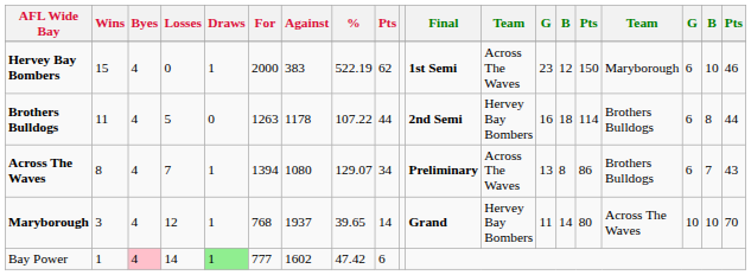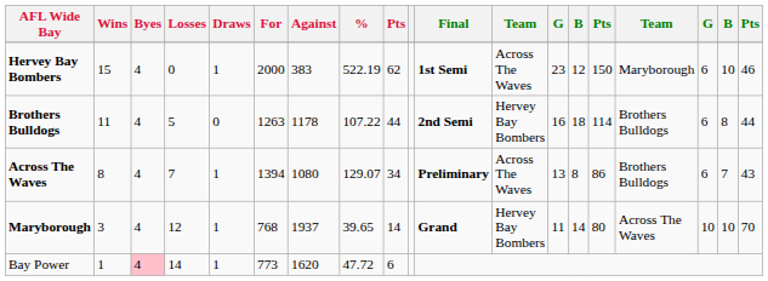 <table class="wikitable">
 <tr>
 <th style= "color:crimson">AFL Wide Bay</th>
 <th style= "color:crimson">Wins</th>
 <th style= "color:crimson">Byes</th>
 <th style= "color:crimson">Losses</th>
 <th style= "color:crimson">Draws</th>
 <th style= "color:crimson">For</th>
 <th style= "color:crimson">Against</th>
 <th style= "color:crimson">%</th>
 <th style= "color:crimson">Pts</th>
 <th></th>
 <th style="color:green">Final</th>
 <th style="color:green">Team</th>
 <th style="color:green">G</th>
 <th style="color:green">B</th>
 <th style="color:green">Pts</th>
 <th style="color:green">Team</th>
 <th style="color:green">G</th>
 <th style="color:green">B</th>
 <th style="color:green">Pts</th>
 </tr>
 <tr>
 </tr>
 <tr>
 </tr>
 <tr>
 <td><strong>Hervey Bay Bombers</strong></td>
 <td>15</td>
 <td>4</td>
 <td>0</td>
 <td>1</td>
 <td>2000</td>
 <td>383</td>
 <td>522.19</td>
 <td>62</td>
 <td></td>
 <td><strong>1st Semi</strong></td>
 <td>Across The Waves</td>
 <td>23</td>
 <td>12</td>
 <td>150</td>
 <td>Maryborough</td>
 <td>6</td>
 <td>10</td>
 <td>46</td>
 </tr>
 <tr>
 <td><strong>Brothers Bulldogs</strong></td>
 <td>11</td>
 <td>4</td>
 <td>5</td>
 <td>0</td>
 <td>1263</td>
 <td>1178</td>
 <td>107.22</td>
 <td>44</td>
 <td></td>
 <td><strong>2nd Semi</strong></td>
 <td>Hervey Bay Bombers</td>
 <td>16</td>
 <td>18</td>
 <td>114</td>
 <td>Brothers Bulldogs</td>
 <td>6</td>
 <td>8</td>
 <td>44</td>
 </tr>
 <tr>
 <td><strong>Across The Waves</strong></td>
 <td>8</td>
 <td>4</td>
 <td>7</td>
 <td>1</td>
 <td>1394</td>
 <td>1080</td>
 <td>129.07</td>
 <td>34</td>
 <td></td>
 <td><strong>Preliminary</strong></td>
 <td>Across The Waves</td>
 <td>13</td>
 <td>8</td>
 <td>86</td>
 <td>Brothers Bulldogs</td>
 <td>6</td>
 <td>7</td>
 <td>43</td>
 </tr>
 <tr>
 <td><strong>Maryborough</strong></td>
 <td>3</td>
 <td>4</td>
 <td>12</td>
 <td>1</td>
 <td>768</td>
 <td>1937</td>
 <td>39.65</td>
 <td>14</td>
 <td></td>
 <td><strong>Grand</strong></td>
 <td>Hervey Bay Bombers</td>
 <td>11</td>
 <td>14</td>
 <td>80</td>
 <td>Across The Waves</td>
 <td>10</td>
 <td>10</td>
 <td>70</td>
 </tr>
 <tr>
 <td>Bay Power</td>
 <td>1</td>
 <td style="background: pink;">4</td>
 <td>14</td>
-<td style="background: lightgreen;">1</td>
-<td>777</td>
-<td>1602</td>
-<td>47.42</td>
+<td>1</td>
+<td>773</td>
+<td>1620</td>
+<td>47.72</td>
 <td>6</td>
 <td></td>
 </tr>
 </table>
